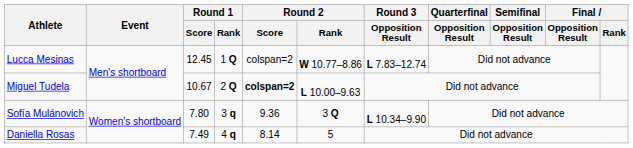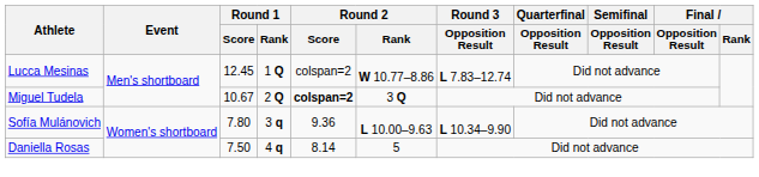 <table class=wikitable style=font-size:90%;text-align:center>
 <tr>
 <th rowspan=2>Athlete</th>
 <th rowspan=2>Event</th>
 <th colspan=2>Round 1</th>
 <th colspan=2>Round 2</th>
 <th>Round 3</th>
 <th>Quarterfinal</th>
 <th>Semifinal</th>
 <th colspan=2>Final / </th>
 </tr>
 <tr style=font-size:95%>
 <th>Score</th>
 <th>Rank</th>
 <th>Score</th>
 <th>Rank</th>
 <th>Opposition<br>Result</th>
 <th>Opposition<br>Result</th>
 <th>Opposition<br>Result</th>
 <th>Opposition<br>Result</th>
 <th>Rank</th>
 </tr>
 <tr align=center>
 <td align=left><a href='#'>Lucca Mesinas</a></td>
 <td align=left rowspan=2><a href='#'>Men's shortboard</a></td>
 <td>12.45</td>
 <td>1 <strong>Q</strong></td>
 <td>colspan=2 </td>
 <td><br><strong>W</strong> 10.77–8.86</td>
 <td><br><strong>L</strong> 7.83–12.74</td>
 <td colspan=3>Did not advance</td>
 </tr>
 <tr align=center>
 <td align=left><a href='#'>Miguel Tudela</a></td>
 <td>10.67</td>
 <td>2 <strong>Q</strong></td>
 <td><strong>colspan=2 </strong></td>
-<td><br><strong>L</strong> 10.00–9.63</td>
+<td>3 <strong>Q</strong></td>
 <td colspan=4>Did not advance</td>
 </tr>
 <tr align=center>
 <td align=left><a href='#'>Sofía Mulánovich</a></td>
 <td align=left rowspan=2><a href='#'>Women's shortboard</a></td>
 <td>7.80</td>
 <td>3 <strong>q</strong></td>
 <td>9.36</td>
-<td>3 <strong>Q</strong></td>
+<td><br><strong>L</strong> 10.00–9.63</td>
 <td><br><strong>L</strong> 10.34–9.90</td>
 <td colspan=4>Did not advance</td>
 </tr>
 <tr align=center>
 <td align=left><a href='#'>Daniella Rosas</a></td>
-<td>7.49</td>
+<td>7.50</td>
 <td>4 <strong>q</strong></td>
 <td>8.14</td>
 <td>5</td>
 <td colspan=5>Did not advance</td>
 </tr>
 </table>
